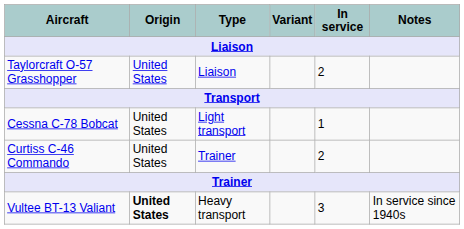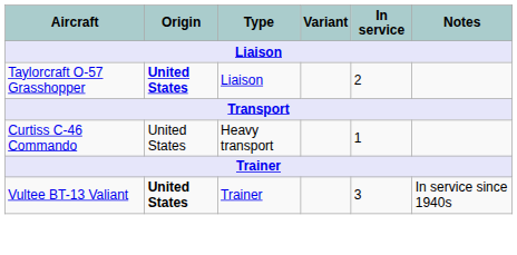 <table class="wikitable">
 <tr>
 <th style="text-align:center; background:#acc;">Aircraft</th>
 <th style="text-align: center; background:#acc;">Origin</th>
 <th style="text-align:l center; background:#acc;">Type</th>
 <th style="text-align:left; background:#acc;">Variant</th>
 <th style="text-align:center; background:#acc;">In service</th>
 <th style="text-align: center; background:#acc;">Notes</th>
 </tr>
 <tr>
 <th colspan="6" style="align: center; background: lavender;"><a href='#'>Liaison</a></th>
 </tr>
 <tr>
 <td><a href='#'>Taylorcraft O-57 Grasshopper</a></td>
-<td><a href='#'>United States</a></td>
+<td><strong><a href='#'>United States</a></strong></td>
 <td><a href='#'>Liaison</a></td>
 <td></td>
 <td>2</td>
 <td></td>
 </tr>
 <tr>
 <th colspan="6" style="align: center; background: lavender;"><a href='#'>Transport</a></th>
 </tr>
 <tr>
-<td><a href='#'>Cessna C-78 Bobcat</a></td>
+<td><a href='#'>Curtiss C-46 Commando</a></td>
 <td>United States</td>
-<td><a href='#'>Light transport</a></td>
+<td>Heavy transport</td>
 <td></td>
 <td>1</td>
-<td></td>
-</tr>
-<tr>
-<td><a href='#'>Curtiss C-46 Commando</a></td>
-<td>United States</td>
-<td><a href='#'>Trainer</a></td>
-<td></td>
-<td>2</td>
 <td></td>
 </tr>
 <tr>
 <th colspan="6" style="align: center; background: lavender;"><a href='#'>Trainer</a></th>
 </tr>
 <tr>
 <td><a href='#'>Vultee BT-13 Valiant</a></td>
 <td><strong>United States</strong></td>
-<td>Heavy transport</td>
+<td><a href='#'>Trainer</a></td>
 <td></td>
 <td>3</td>
 <td>In service since 1940s</td>
 </tr>
 </table>
